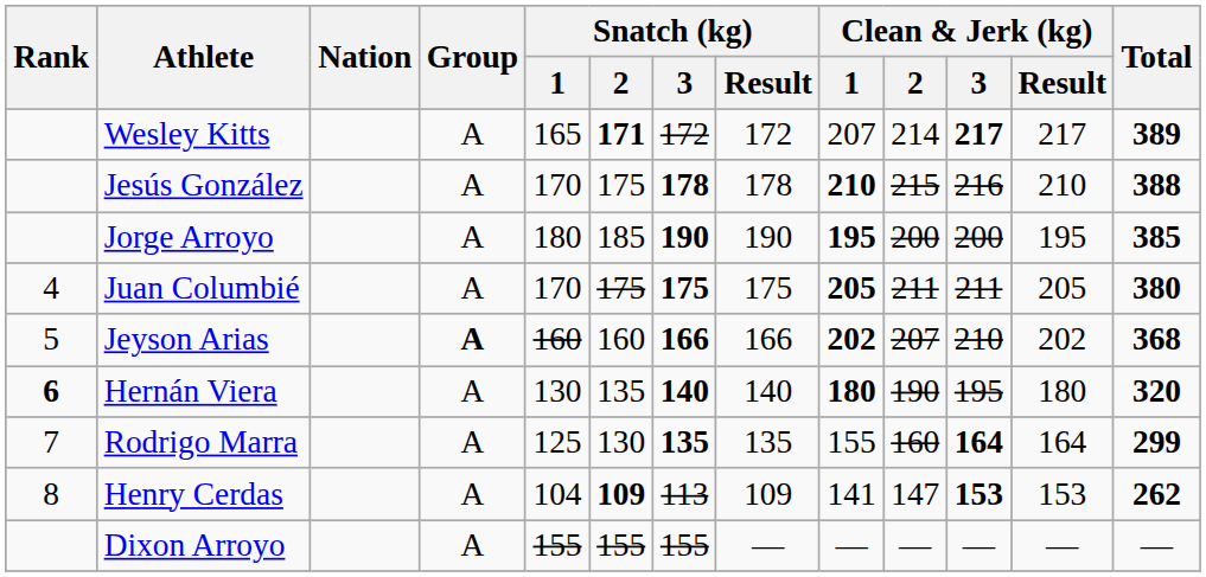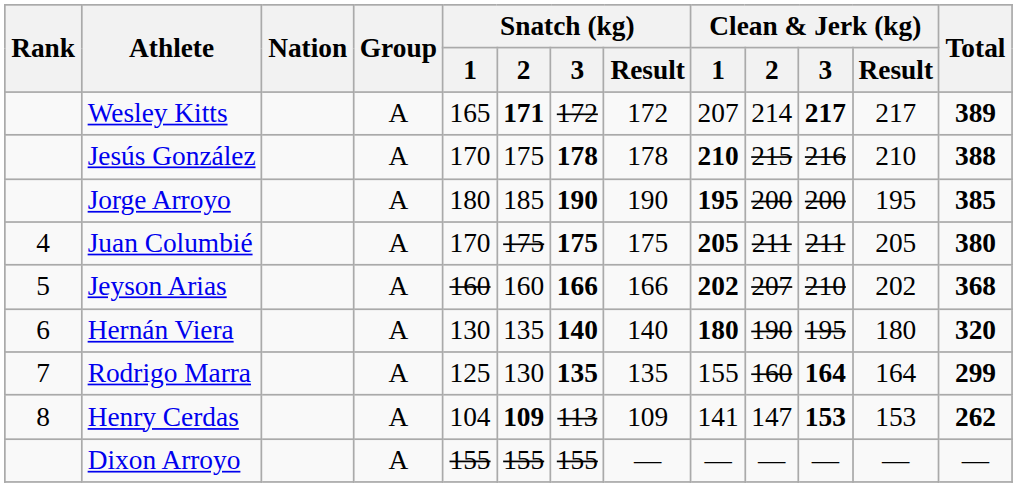 <table class="wikitable sortable" style="text-align:center;">
 <tr>
 <th rowspan=2>Rank</th>
 <th rowspan=2>Athlete</th>
 <th rowspan=2>Nation</th>
 <th rowspan=2>Group</th>
 <th colspan=4>Snatch (kg)</th>
 <th colspan=4>Clean & Jerk (kg)</th>
 <th rowspan=2>Total</th>
 </tr>
 <tr>
 <th>1</th>
 <th>2</th>
 <th>3</th>
 <th>Result</th>
 <th>1</th>
 <th>2</th>
 <th>3</th>
 <th>Result</th>
 </tr>
 <tr>
 <td></td>
 <td align=left><a href='#'>Wesley Kitts</a></td>
 <td align=left></td>
 <td>A</td>
 <td>165</td>
 <td><strong>171</strong></td>
 <td><s>172</s></td>
 <td>172</td>
 <td>207</td>
 <td>214</td>
 <td><strong>217</strong></td>
 <td>217</td>
 <td><strong>389</strong></td>
 </tr>
 <tr>
 <td></td>
 <td align=left><a href='#'>Jesús González</a></td>
 <td align=left></td>
 <td>A</td>
 <td>170</td>
 <td>175</td>
 <td><strong>178</strong></td>
 <td>178</td>
 <td><strong>210</strong></td>
 <td><s>215</s></td>
 <td><s>216</s></td>
 <td>210</td>
 <td><strong>388</strong></td>
 </tr>
 <tr>
 <td></td>
 <td align=left><a href='#'>Jorge Arroyo</a></td>
 <td align=left></td>
 <td>A</td>
 <td>180</td>
 <td>185</td>
 <td><strong>190</strong></td>
 <td>190</td>
 <td><strong>195</strong></td>
 <td><s>200</s></td>
 <td><s>200</s></td>
 <td>195</td>
 <td><strong>385</strong></td>
 </tr>
 <tr>
 <td>4</td>
 <td align=left><a href='#'>Juan Columbié</a></td>
 <td align=left></td>
 <td>A</td>
 <td>170</td>
 <td><s>175</s></td>
 <td><strong>175</strong></td>
 <td>175</td>
 <td><strong>205</strong></td>
 <td><s>211</s></td>
 <td><s>211</s></td>
 <td>205</td>
 <td><strong>380</strong></td>
 </tr>
 <tr>
 <td>5</td>
 <td align=left><a href='#'>Jeyson Arias</a></td>
 <td align=left></td>
-<td><strong>A</strong></td>
+<td>A</td>
 <td><s>160</s></td>
 <td>160</td>
 <td><strong>166</strong></td>
 <td>166</td>
 <td><strong>202</strong></td>
 <td><s>207</s></td>
 <td><s>210</s></td>
 <td>202</td>
 <td><strong>368</strong></td>
 </tr>
 <tr>
-<td><strong>6</strong></td>
+<td>6</td>
 <td align=left><a href='#'>Hernán Viera</a></td>
 <td align=left></td>
 <td>A</td>
 <td>130</td>
 <td>135</td>
 <td><strong>140</strong></td>
 <td>140</td>
 <td><strong>180</strong></td>
 <td><s>190</s></td>
 <td><s>195</s></td>
 <td>180</td>
 <td><strong>320</strong></td>
 </tr>
 <tr>
 <td>7</td>
 <td align=left><a href='#'>Rodrigo Marra</a></td>
 <td align=left></td>
 <td>A</td>
 <td>125</td>
 <td>130</td>
 <td><strong>135</strong></td>
 <td>135</td>
 <td>155</td>
 <td><s>160</s></td>
 <td><strong>164</strong></td>
 <td>164</td>
 <td><strong>299</strong></td>
 </tr>
 <tr>
 <td>8</td>
 <td align=left><a href='#'>Henry Cerdas</a></td>
 <td align=left></td>
 <td>A</td>
 <td>104</td>
 <td><strong>109</strong></td>
 <td><s>113</s></td>
 <td>109</td>
 <td>141</td>
 <td>147</td>
 <td><strong>153</strong></td>
 <td>153</td>
 <td><strong>262</strong></td>
 </tr>
 <tr>
 <td></td>
 <td align=left><a href='#'>Dixon Arroyo</a></td>
 <td align=left></td>
 <td>A</td>
 <td><s>155</s></td>
 <td><s>155</s></td>
 <td><s>155</s></td>
 <td>—</td>
 <td>—</td>
 <td>—</td>
 <td>—</td>
 <td>—</td>
 <td>—</td>
 </tr>
 </table>
